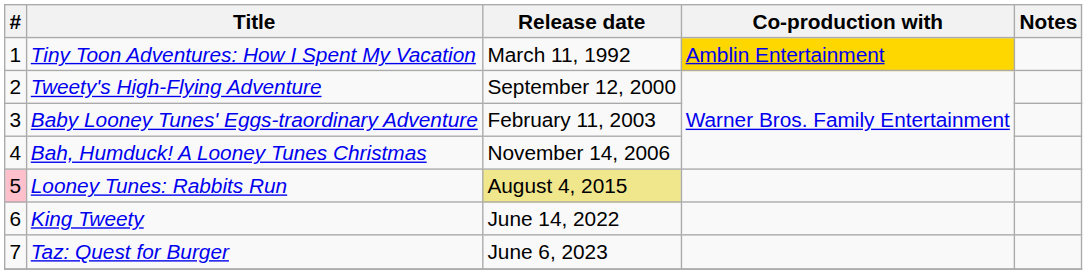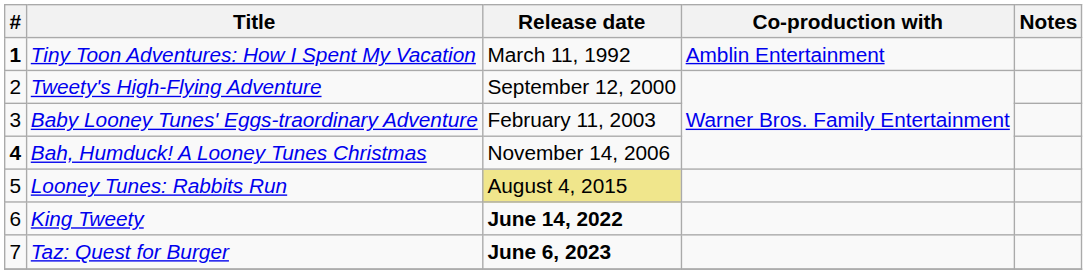 <table class="wikitable sortable" style="font-size:95%;">
 <tr>
 <th>#</th>
 <th>Title</th>
 <th>Release date</th>
 <th>Co-production with</th>
 <th>Notes</th>
 </tr>
 <tr>
-<td>1</td>
+<td><strong>1</strong></td>
 <td align="left"><em><a href='#'>Tiny Toon Adventures: How I Spent My Vacation</a></em></td>
 <td>March 11, 1992</td>
-<td style="background: gold;"><a href='#'>Amblin Entertainment</a></td>
+<td><a href='#'>Amblin Entertainment</a></td>
 <td></td>
 </tr>
 <tr>
 <td>2</td>
 <td align="left"><em><a href='#'>Tweety's High-Flying Adventure</a></em></td>
 <td>September 12, 2000</td>
 <td rowspan="3"><a href='#'>Warner Bros. Family Entertainment</a></td>
 <td></td>
 </tr>
 <tr>
 <td>3</td>
 <td align="left"><em><a href='#'>Baby Looney Tunes' Eggs-traordinary Adventure</a></em></td>
 <td>February 11, 2003</td>
 <td></td>
 </tr>
 <tr>
-<td>4</td>
+<td><strong>4</strong></td>
 <td align="left"><em><a href='#'>Bah, Humduck! A Looney Tunes Christmas</a></em></td>
 <td>November 14, 2006</td>
 <td></td>
 </tr>
 <tr>
-<td style="background: pink;">5</td>
+<td>5</td>
 <td align="left"><em><a href='#'>Looney Tunes: Rabbits Run</a></em></td>
 <td style="background: khaki;">August 4, 2015</td>
 <td></td>
 <td></td>
 </tr>
 <tr>
 <td>6</td>
 <td align="left"><em><a href='#'>King Tweety</a></em></td>
-<td>June 14, 2022</td>
+<td><strong>June 14, 2022</strong></td>
 <td></td>
 <td></td>
 </tr>
 <tr>
 <td>7</td>
 <td align="left"><em><a href='#'>Taz: Quest for Burger</a></em></td>
-<td>June 6, 2023</td>
+<td><strong>June 6, 2023</strong></td>
 <td></td>
 <td></td>
 </tr>
 <tr>
 </tr>
 </table>
